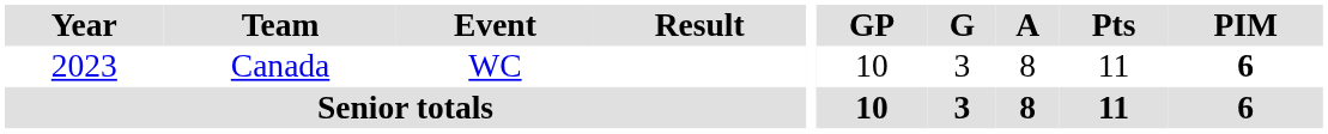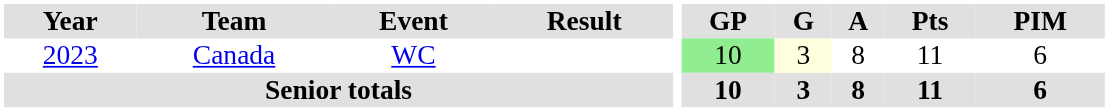 <table border="0" cellpadding="1" cellspacing="0" ID="Table3" style="text-align:center; width:40em">
 <tr bgcolor="#e0e0e0">
 <th>Year</th>
 <th>Team</th>
 <th>Event</th>
 <th>Result</th>
 <th rowspan="99" bgcolor="#ffffff"></th>
 <th>GP</th>
 <th>G</th>
 <th>A</th>
 <th>Pts</th>
 <th>PIM</th>
 </tr>
 <tr>
 <td><a href='#'>2023</a></td>
 <td><a href='#'>Canada</a></td>
 <td><a href='#'>WC</a></td>
 <td></td>
-<td>10</td>
-<td>3</td>
+<td style="background: lightgreen;">10</td>
+<td style="background: lightyellow;">3</td>
 <td>8</td>
 <td>11</td>
-<td><strong>6</strong></td>
+<td>6</td>
 </tr>
 <tr bgcolor="#e0e0e0">
 <th colspan="4">Senior totals</th>
 <th>10</th>
 <th>3</th>
 <th>8</th>
 <th>11</th>
 <th>6</th>
 </tr>
 </table>
